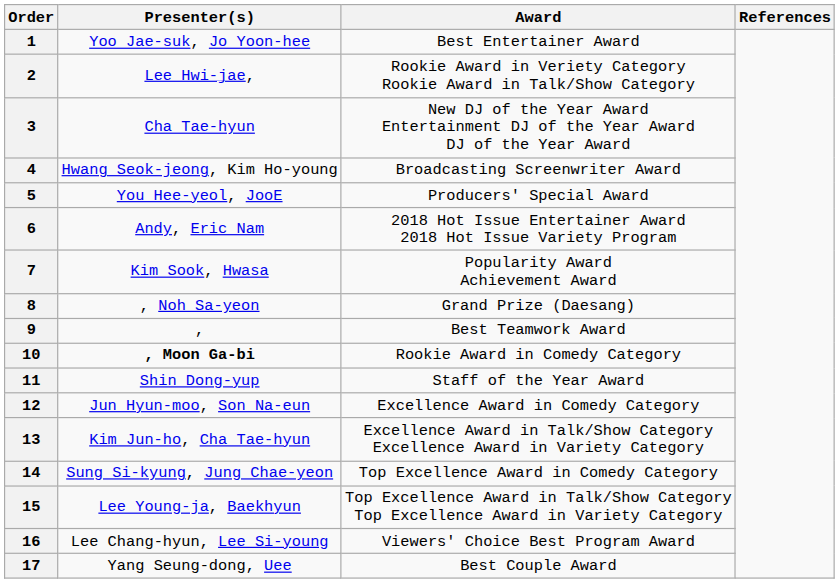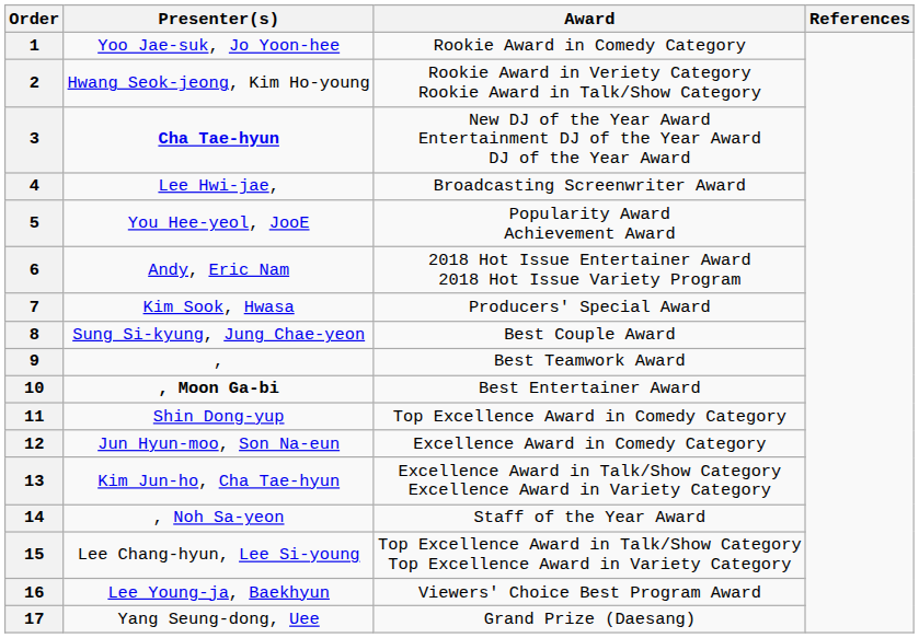 <table class="wikitable" style="text-align:center;">
 <tr>
 <th>Order</th>
 <th>Presenter(s)</th>
 <th>Award</th>
 <th>References</th>
 </tr>
 <tr>
 <th>1</th>
 <td><a href='#'>Yoo Jae-suk</a>, <a href='#'>Jo Yoon-hee</a></td>
-<td>Best Entertainer Award</td>
+<td>Rookie Award in Comedy Category</td>
 <td rowspan=17></td>
 </tr>
 <tr>
 <th>2</th>
-<td><a href='#'>Lee Hwi-jae</a>, </td>
+<td><a href='#'>Hwang Seok-jeong</a>, Kim Ho-young</td>
 <td>Rookie Award in Veriety Category<br>Rookie Award in Talk/Show Category</td>
 </tr>
 <tr>
 <th>3</th>
-<td><a href='#'>Cha Tae-hyun</a></td>
+<td><strong><a href='#'>Cha Tae-hyun</a></strong></td>
 <td>New DJ of the Year Award<br>Entertainment DJ of the Year Award<br>DJ of the Year Award</td>
 </tr>
 <tr>
 <th>4</th>
-<td><a href='#'>Hwang Seok-jeong</a>, Kim Ho-young</td>
+<td><a href='#'>Lee Hwi-jae</a>, </td>
 <td>Broadcasting Screenwriter Award</td>
 </tr>
 <tr>
 <th>5</th>
 <td><a href='#'>You Hee-yeol</a>, <a href='#'>JooE</a></td>
-<td>Producers' Special Award</td>
+<td>Popularity Award<br>Achievement Award</td>
 </tr>
 <tr>
 <th>6</th>
 <td><a href='#'>Andy</a>, <a href='#'>Eric Nam</a></td>
 <td>2018 Hot Issue Entertainer Award<br>2018 Hot Issue Variety Program</td>
 </tr>
 <tr>
 <th>7</th>
 <td><a href='#'>Kim Sook</a>, <a href='#'>Hwasa</a></td>
-<td>Popularity Award<br>Achievement Award</td>
+<td>Producers' Special Award</td>
 </tr>
 <tr>
 <th>8</th>
-<td>, <a href='#'>Noh Sa-yeon</a></td>
-<td>Grand Prize (Daesang)</td>
+<td><a href='#'>Sung Si-kyung</a>, <a href='#'>Jung Chae-yeon</a></td>
+<td>Best Couple Award</td>
 </tr>
 <tr>
 <th>9</th>
 <td>, </td>
 <td>Best Teamwork Award</td>
 </tr>
 <tr>
 <th>10</th>
 <td><strong>, Moon Ga-bi</strong></td>
-<td>Rookie Award in Comedy Category</td>
+<td>Best Entertainer Award</td>
 </tr>
 <tr>
 <th>11</th>
 <td><a href='#'>Shin Dong-yup</a></td>
-<td>Staff of the Year Award</td>
+<td>Top Excellence Award in Comedy Category</td>
 </tr>
 <tr>
 <th>12</th>
 <td><a href='#'>Jun Hyun-moo</a>, <a href='#'>Son Na-eun</a></td>
 <td>Excellence Award in Comedy Category</td>
 </tr>
 <tr>
 <th>13</th>
 <td><a href='#'>Kim Jun-ho</a>, <a href='#'>Cha Tae-hyun</a></td>
 <td>Excellence Award in Talk/Show Category<br>Excellence Award in Variety Category</td>
 </tr>
 <tr>
 <th>14</th>
-<td><a href='#'>Sung Si-kyung</a>, <a href='#'>Jung Chae-yeon</a></td>
-<td>Top Excellence Award in Comedy Category</td>
+<td>, <a href='#'>Noh Sa-yeon</a></td>
+<td>Staff of the Year Award</td>
 </tr>
 <tr>
 <th>15</th>
-<td><a href='#'>Lee Young-ja</a>, <a href='#'>Baekhyun</a></td>
+<td>Lee Chang-hyun, <a href='#'>Lee Si-young</a></td>
 <td>Top Excellence Award in Talk/Show Category<br>Top Excellence Award in Variety Category</td>
 </tr>
 <tr>
 <th>16</th>
-<td>Lee Chang-hyun, <a href='#'>Lee Si-young</a></td>
+<td><a href='#'>Lee Young-ja</a>, <a href='#'>Baekhyun</a></td>
 <td>Viewers' Choice Best Program Award</td>
 </tr>
 <tr>
 <th>17</th>
 <td>Yang Seung-dong, <a href='#'>Uee</a></td>
-<td>Best Couple Award</td>
+<td>Grand Prize (Daesang)</td>
 </tr>
 </table>
